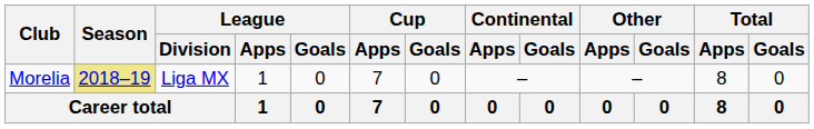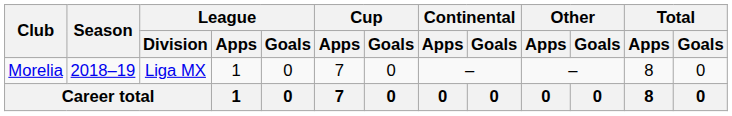 <table class="wikitable" style="text-align: center">
 <tr>
 <th rowspan="2">Club</th>
 <th rowspan="2">Season</th>
 <th colspan="3">League</th>
 <th colspan="2">Cup</th>
 <th colspan="2">Continental</th>
 <th colspan="2">Other</th>
 <th colspan="2">Total</th>
 </tr>
 <tr>
 <th>Division</th>
 <th>Apps</th>
 <th>Goals</th>
 <th>Apps</th>
 <th>Goals</th>
 <th>Apps</th>
 <th>Goals</th>
 <th>Apps</th>
 <th>Goals</th>
 <th>Apps</th>
 <th>Goals</th>
 </tr>
 <tr>
 <td><a href='#'>Morelia</a></td>
-<td style="background: khaki;"><a href='#'>2018–19</a></td>
+<td><a href='#'>2018–19</a></td>
 <td><a href='#'>Liga MX</a></td>
 <td>1</td>
 <td>0</td>
 <td>7</td>
 <td>0</td>
 <td colspan="2">–</td>
 <td colspan="2">–</td>
 <td>8</td>
 <td>0</td>
 </tr>
 <tr>
 <th colspan="3"><strong>Career total</strong></th>
 <th>1</th>
 <th>0</th>
 <th>7</th>
 <th>0</th>
 <th>0</th>
 <th>0</th>
 <th>0</th>
 <th>0</th>
 <th>8</th>
 <th>0</th>
 </tr>
 </table>
